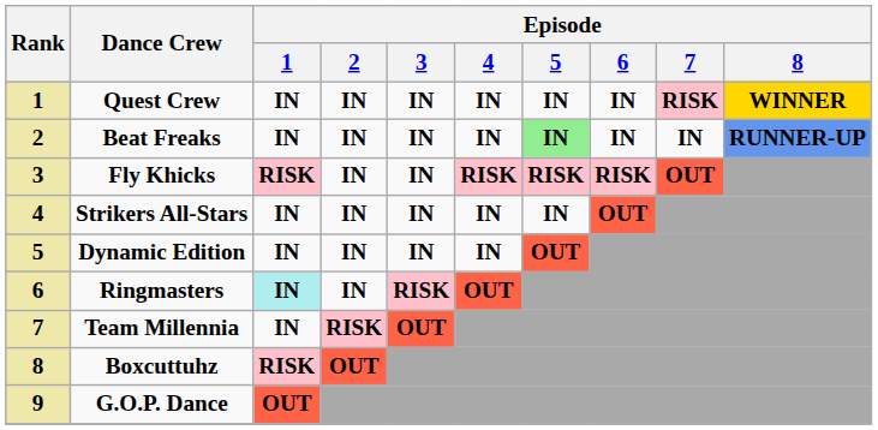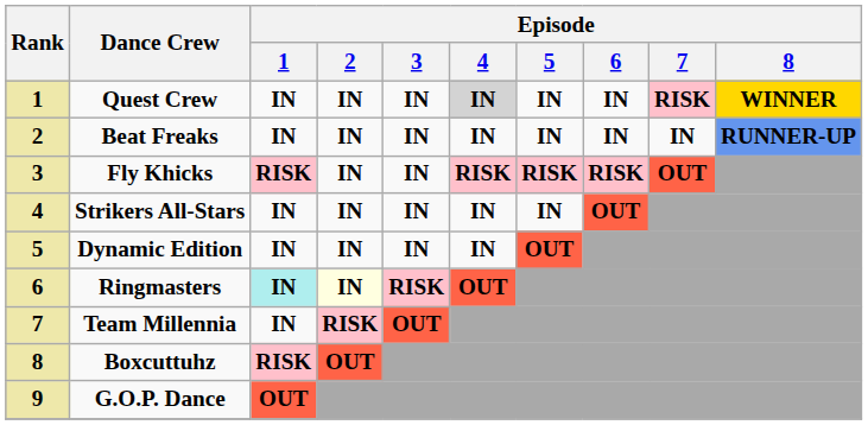 <table class="wikitable" style="margin:1em auto; text-align:center; font-size:85%">
 <tr>
 <th rowspan=2>Rank</th>
 <th rowspan=2>Dance Crew</th>
 <th colspan="18" style="text-align:center;">Episode</th>
 </tr>
 <tr>
 <th><a href='#'>1</a></th>
 <th><a href='#'>2</a></th>
 <th><a href='#'>3</a></th>
 <th><a href='#'>4</a></th>
 <th><a href='#'>5</a></th>
 <th><a href='#'>6</a></th>
 <th><a href='#'>7</a></th>
 <th><a href='#'>8</a></th>
 </tr>
 <tr>
 <td style="background:palegoldenrod;"><strong>1</strong></td>
 <td><strong>Quest Crew</strong></td>
 <td><strong>IN</strong></td>
 <td><strong>IN</strong></td>
 <td><strong>IN</strong></td>
-<td><strong>IN</strong></td>
+<td style="background: lightgrey;"><strong>IN</strong></td>
 <td><strong>IN</strong></td>
 <td><strong>IN</strong></td>
 <td style="background:pink;"><strong>RISK</strong></td>
 <td style="background:gold;"><strong>WINNER</strong></td>
 </tr>
 <tr>
 <td style="background:palegoldenrod;"><strong>2</strong></td>
 <td><strong>Beat Freaks</strong></td>
 <td><strong>IN</strong></td>
 <td><strong>IN</strong></td>
 <td><strong>IN</strong></td>
 <td><strong>IN</strong></td>
-<td style="background: lightgreen;"><strong>IN</strong></td>
+<td><strong>IN</strong></td>
 <td><strong>IN</strong></td>
 <td><strong>IN</strong></td>
 <td style="background:cornflowerblue;"><strong>RUNNER-UP</strong></td>
 </tr>
 <tr>
 <td style="background:palegoldenrod;"><strong>3</strong></td>
 <td><strong>Fly Khicks</strong></td>
 <td style="background:pink;"><strong>RISK</strong></td>
 <td><strong>IN</strong></td>
 <td><strong>IN</strong></td>
 <td style="background:pink;"><strong>RISK</strong></td>
 <td style="background:pink;"><strong>RISK</strong></td>
 <td style="background:pink;"><strong>RISK</strong></td>
 <td style="background:tomato;"><strong>OUT</strong></td>
 <td style="background:darkgrey;" colspan="2"></td>
 </tr>
 <tr>
 <td style="background:palegoldenrod;"><strong>4</strong></td>
 <td><strong>Strikers All-Stars</strong></td>
 <td><strong>IN</strong></td>
 <td><strong>IN</strong></td>
 <td><strong>IN</strong></td>
 <td><strong>IN</strong></td>
 <td><strong>IN</strong></td>
 <td style="background:tomato;"><strong>OUT</strong></td>
 <td style="background:darkgrey;" colspan="3"></td>
 </tr>
 <tr>
 <td style="background:palegoldenrod;"><strong>5</strong></td>
 <td><strong>Dynamic Edition</strong></td>
 <td><strong>IN</strong></td>
 <td><strong>IN</strong></td>
 <td><strong>IN</strong></td>
 <td><strong>IN</strong></td>
 <td style="background:tomato;"><strong>OUT</strong></td>
 <td style="background:darkgrey;" colspan="4"></td>
 </tr>
 <tr>
 <td style="background:palegoldenrod;"><strong>6</strong></td>
 <td><strong>Ringmasters</strong></td>
 <td style="background: paleturquoise;"><strong>IN</strong></td>
-<td><strong>IN</strong></td>
+<td style="background: lightyellow;"><strong>IN</strong></td>
 <td style="background:pink;"><strong>RISK</strong></td>
 <td style="background:tomato;"><strong>OUT</strong></td>
 <td style="background:darkgrey;" colspan="5"></td>
 </tr>
 <tr>
 <td style="background:palegoldenrod;"><strong>7</strong></td>
 <td><strong>Team Millennia</strong></td>
 <td><strong>IN</strong></td>
 <td style="background:pink;"><strong>RISK</strong></td>
 <td style="background:tomato;"><strong>OUT</strong></td>
 <td style="background:darkgrey;" colspan="6"></td>
 </tr>
 <tr>
 <td style="background:palegoldenrod;"><strong>8</strong></td>
 <td><strong>Boxcuttuhz</strong></td>
 <td style="background:pink;"><strong>RISK</strong></td>
 <td style="background:tomato;"><strong>OUT</strong></td>
 <td style="background:darkgrey;" colspan="7"></td>
 </tr>
 <tr>
 <td style="background:palegoldenrod;"><strong>9</strong></td>
 <td><strong>G.O.P. Dance</strong></td>
 <td style="background:tomato;"><strong>OUT</strong></td>
 <td style="background:darkgrey;" colspan="8"></td>
 </tr>
 <tr>
 </tr>
 </table>
